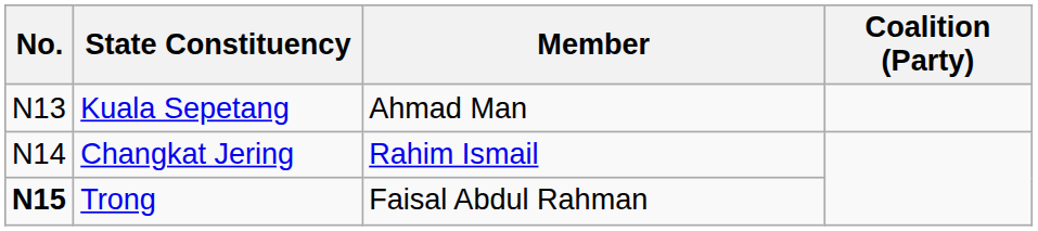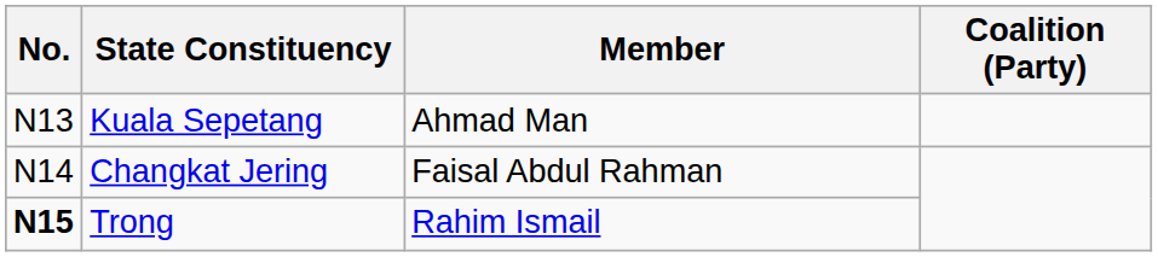 <table class="wikitable">
 <tr>
 <th width="30">No.</th>
 <th width="150">State Constituency</th>
 <th width="245">Member</th>
 <th width="105">Coalition (Party)</th>
 </tr>
 <tr>
 <td>N13</td>
 <td><a href='#'>Kuala Sepetang</a></td>
 <td>Ahmad Man</td>
 <td></td>
 </tr>
 <tr>
 <td>N14</td>
 <td><a href='#'>Changkat Jering</a></td>
-<td><a href='#'>Rahim Ismail</a></td>
+<td>Faisal Abdul Rahman</td>
 <td rowspan=2></td>
 </tr>
 <tr>
 <td><strong>N15</strong></td>
 <td><a href='#'>Trong</a></td>
-<td>Faisal Abdul Rahman</td>
+<td><a href='#'>Rahim Ismail</a></td>
 </tr>
 </table>
